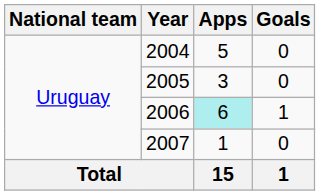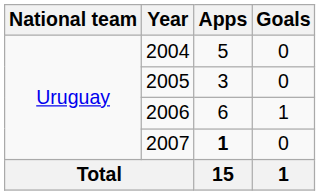 <table class="wikitable" style="text-align:center">
 <tr>
 <th>National team</th>
 <th>Year</th>
 <th>Apps</th>
 <th>Goals</th>
 </tr>
 <tr>
 <td rowspan=4><a href='#'>Uruguay</a></td>
 <td>2004</td>
 <td>5</td>
 <td>0</td>
 </tr>
 <tr>
 <td>2005</td>
 <td>3</td>
 <td>0</td>
 </tr>
 <tr>
 <td>2006</td>
-<td style="background: paleturquoise;">6</td>
+<td>6</td>
 <td>1</td>
 </tr>
 <tr>
 <td>2007</td>
-<td>1</td>
+<td><strong>1</strong></td>
 <td>0</td>
 </tr>
 <tr>
 <th colspan=2>Total</th>
 <th>15</th>
 <th>1</th>
 </tr>
 </table>
